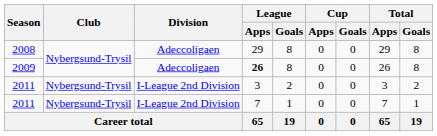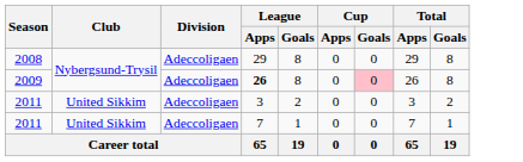 <table class="wikitable" style="text-align: center;">
 <tr>
 <th rowspan="2">Season</th>
 <th rowspan="2">Club</th>
 <th rowspan="2">Division</th>
 <th colspan="2">League</th>
 <th colspan="2">Cup</th>
 <th colspan="2">Total</th>
 </tr>
 <tr>
 <th>Apps</th>
 <th>Goals</th>
 <th>Apps</th>
 <th>Goals</th>
 <th>Apps</th>
 <th>Goals</th>
 </tr>
 <tr>
 <td><a href='#'>2008</a></td>
 <td rowspan="2" valign="center"><a href='#'>Nybergsund-Trysil</a></td>
 <td><a href='#'>Adeccoligaen</a></td>
 <td>29</td>
 <td>8</td>
 <td>0</td>
 <td>0</td>
 <td>29</td>
 <td>8</td>
 </tr>
 <tr>
 <td><a href='#'>2009</a></td>
 <td><a href='#'>Adeccoligaen</a></td>
 <td><strong>26</strong></td>
 <td>8</td>
 <td>0</td>
-<td>0</td>
+<td style="background: pink;">0</td>
 <td>26</td>
 <td>8</td>
 </tr>
 <tr>
 <td><a href='#'>2011</a></td>
-<td rowspan="1" valign="center"><a href='#'>Nybergsund-Trysil</a></td>
-<td><a href='#'>I-League 2nd Division</a></td>
+<td rowspan="1" valign="center"><a href='#'>United Sikkim</a></td>
+<td><a href='#'>Adeccoligaen</a></td>
 <td>3</td>
 <td>2</td>
 <td>0</td>
 <td>0</td>
 <td>3</td>
 <td>2</td>
 </tr>
 <tr>
 <td><a href='#'>2011</a></td>
-<td rowspan="1" valign="center"><a href='#'>Nybergsund-Trysil</a></td>
-<td><a href='#'>I-League 2nd Division</a></td>
+<td rowspan="1" valign="center"><a href='#'>United Sikkim</a></td>
+<td><a href='#'>Adeccoligaen</a></td>
 <td>7</td>
 <td>1</td>
 <td>0</td>
 <td>0</td>
 <td>7</td>
 <td>1</td>
 </tr>
 <tr>
 <th colspan="3">Career total</th>
 <th>65</th>
 <th>19</th>
 <th>0</th>
 <th>0</th>
 <th>65</th>
 <th>19</th>
 </tr>
 </table>
